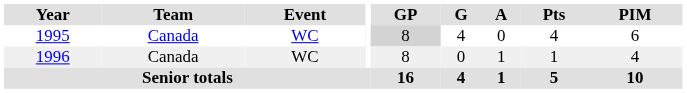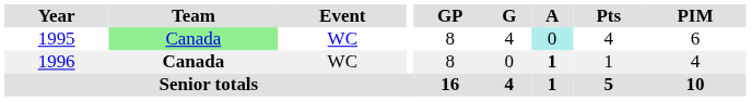 <table border="0" cellpadding="1" cellspacing="0" ID="Table3" style="text-align:center; width:40em">
 <tr bgcolor="#e0e0e0">
 <th>Year</th>
 <th>Team</th>
 <th>Event</th>
 <th rowspan="102" bgcolor="#ffffff"></th>
 <th>GP</th>
 <th>G</th>
 <th>A</th>
 <th>Pts</th>
 <th>PIM</th>
 </tr>
 <tr>
 <td><a href='#'>1995</a></td>
-<td><a href='#'>Canada</a></td>
+<td style="background: lightgreen;"><a href='#'>Canada</a></td>
 <td><a href='#'>WC</a></td>
-<td style="background: lightgrey;">8</td>
+<td>8</td>
 <td>4</td>
-<td>0</td>
+<td style="background: paleturquoise;">0</td>
 <td>4</td>
 <td>6</td>
 </tr>
 <tr bgcolor="#f0f0f0">
 <td><a href='#'>1996</a></td>
-<td>Canada</td>
+<td><strong>Canada</strong></td>
 <td>WC</td>
 <td>8</td>
 <td>0</td>
-<td>1</td>
+<td><strong>1</strong></td>
 <td>1</td>
 <td>4</td>
 </tr>
 <tr bgcolor="#e0e0e0">
 <th colspan="4">Senior totals</th>
 <th>16</th>
 <th>4</th>
 <th>1</th>
 <th>5</th>
 <th>10</th>
 </tr>
 </table>
